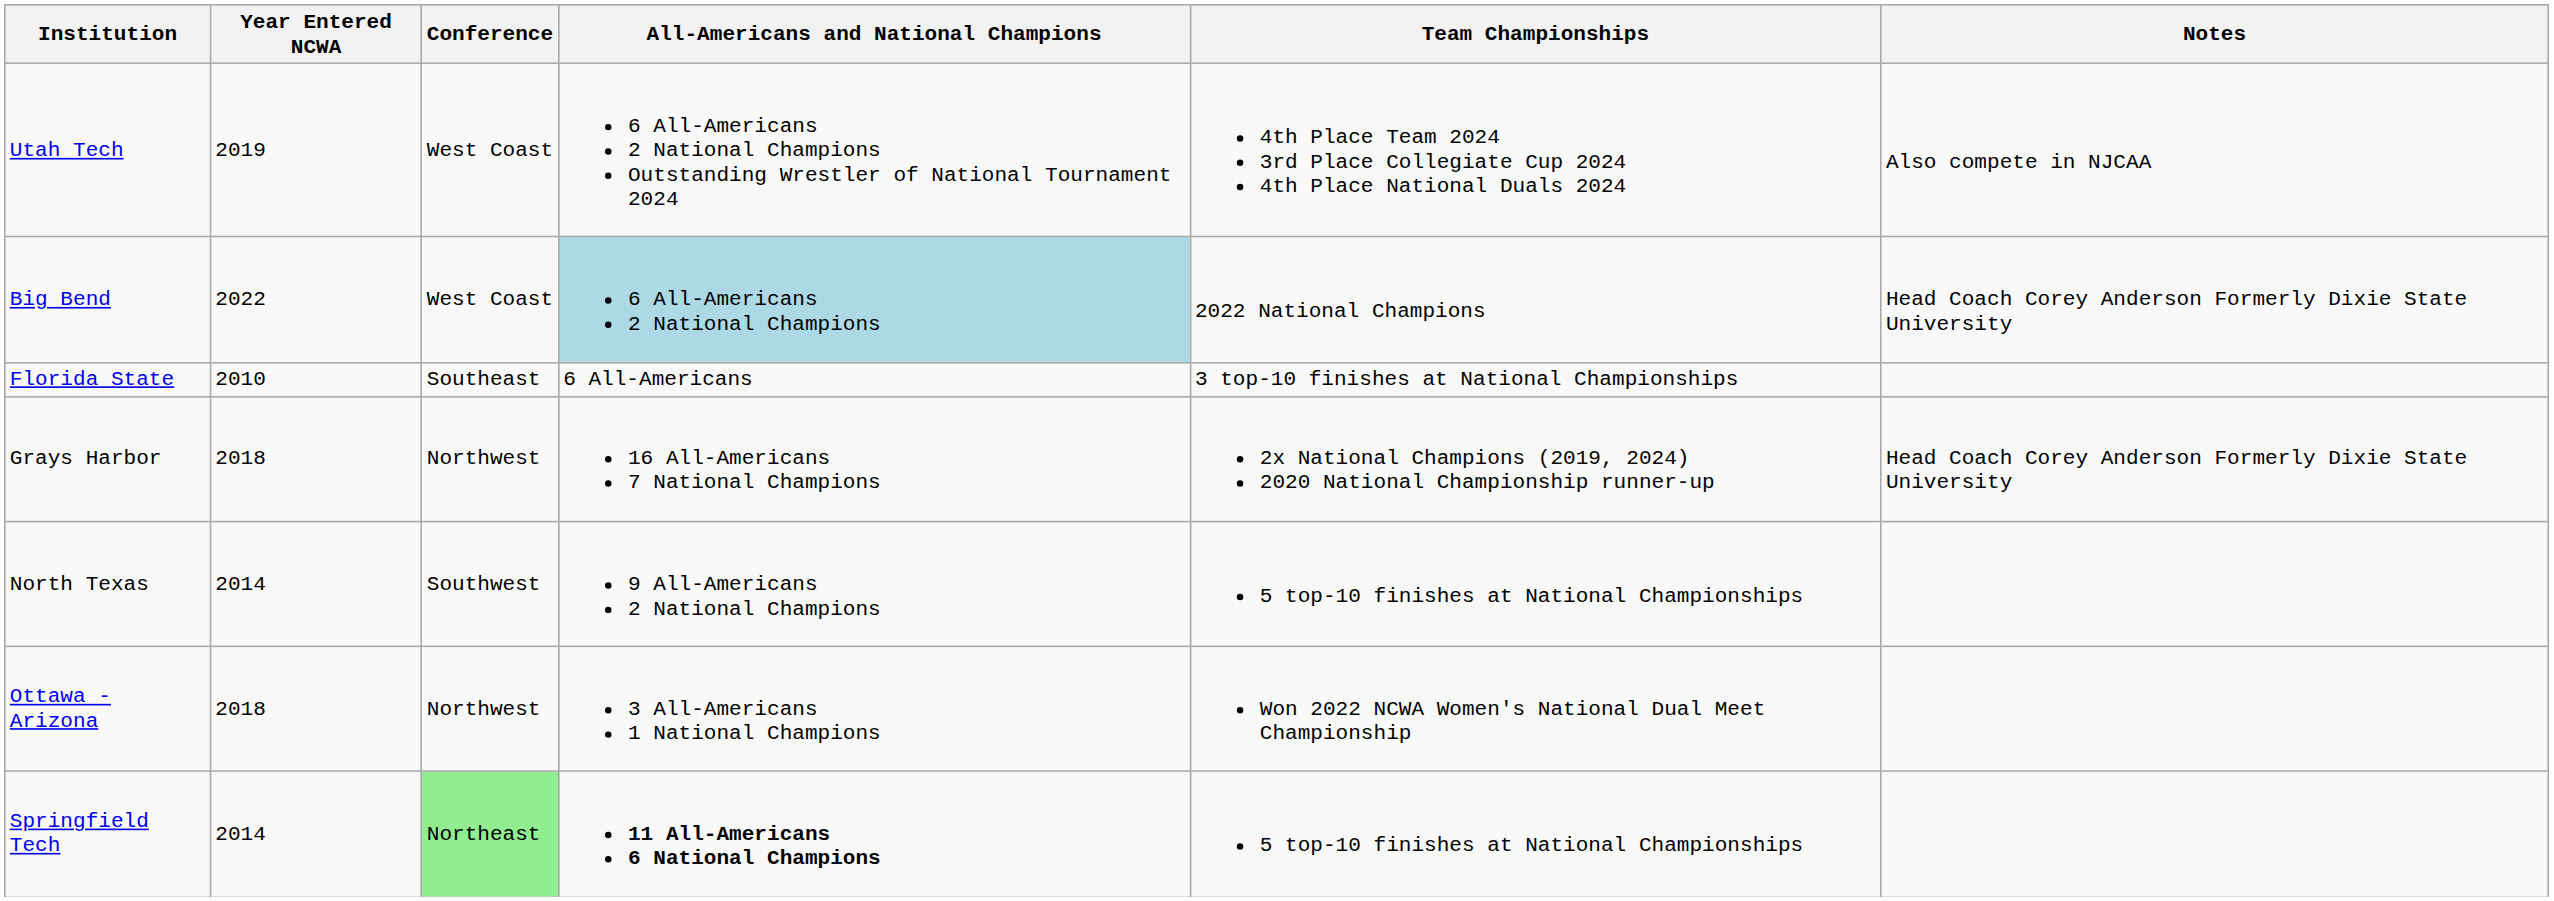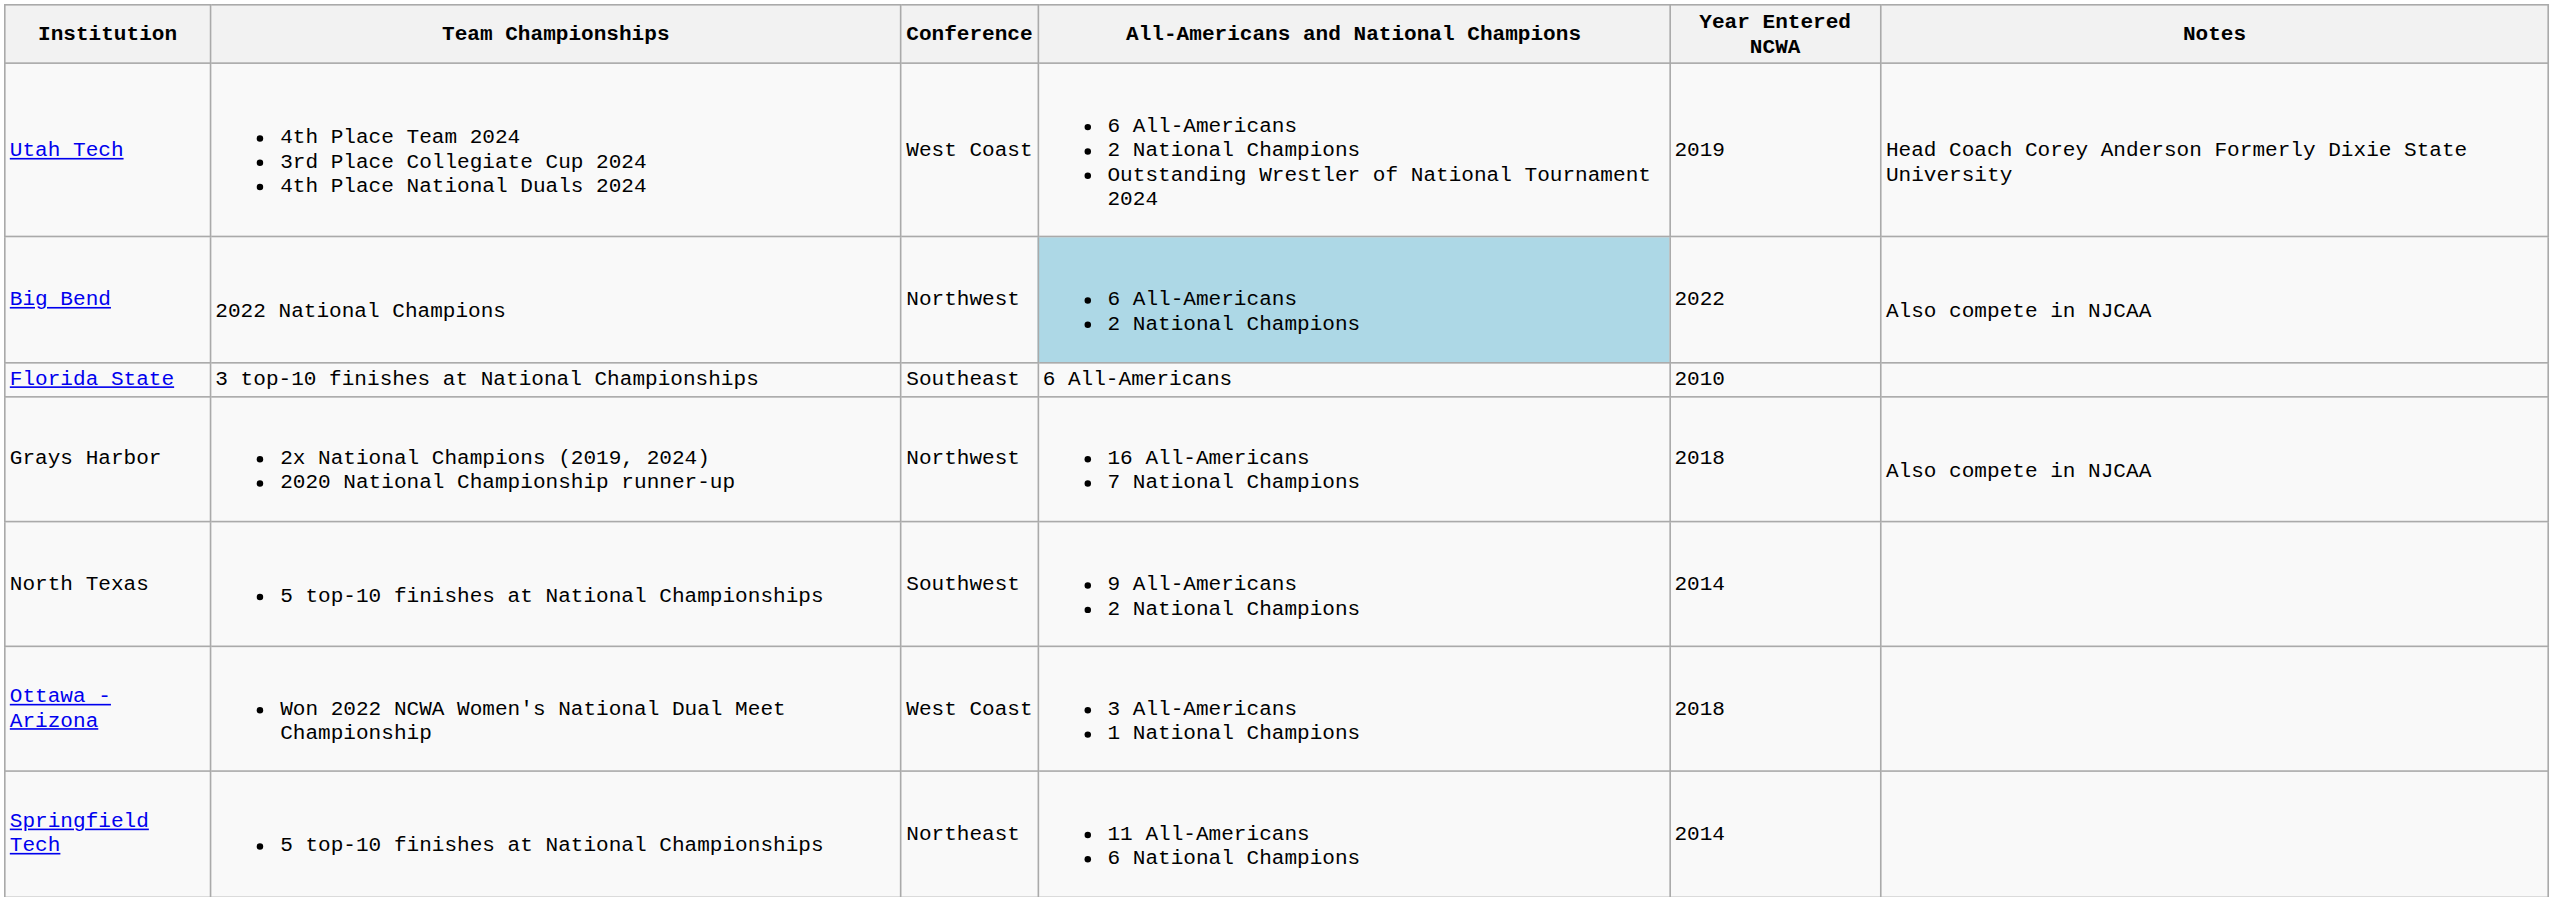 <table class="wikitable">
 <tr>
 <th>Institution</th>
-<th>Year Entered NCWA</th>
+<th>Team Championships</th>
 <th>Conference</th>
 <th>All-Americans and National Champions</th>
-<th>Team Championships</th>
+<th>Year Entered NCWA</th>
 <th>Notes</th>
 </tr>
 <tr>
 <td><a href='#'>Utah Tech</a></td>
-<td>2019</td>
+<td><br><ul><li>4th Place Team 2024</li><li>3rd Place Collegiate Cup 2024</li><li>4th Place National Duals 2024</li></ul></td>
 <td>West Coast</td>
 <td><br><ul><li>6 All-Americans</li><li>2 National Champions</li><li>Outstanding Wrestler of National Tournament 2024</li></ul></td>
-<td><br><ul><li>4th Place Team 2024</li><li>3rd Place Collegiate Cup 2024</li><li>4th Place National Duals 2024</li></ul></td>
+<td>2019</td>
+<td><br>Head Coach Corey Anderson  Formerly Dixie State University</td>
+</tr>
+<tr>
+<td><a href='#'>Big Bend</a></td>
+<td><br>2022 National Champions</td>
+<td>Northwest</td>
+<td style="background: lightblue;"><br><ul><li>6 All-Americans</li><li>2 National Champions</li></ul></td>
+<td>2022</td>
 <td><br>Also compete in NJCAA</td>
 </tr>
 <tr>
-<td><a href='#'>Big Bend</a></td>
-<td>2022</td>
-<td>West Coast</td>
-<td style="background: lightblue;"><br><ul><li>6 All-Americans</li><li>2 National Champions</li></ul></td>
-<td><br>2022 National Champions</td>
-<td><br>Head Coach Corey Anderson  Formerly Dixie State University</td>
-</tr>
-<tr>
 <td><a href='#'>Florida State</a></td>
-<td>2010</td>
+<td>3 top-10 finishes at National Championships</td>
 <td>Southeast</td>
 <td>6 All-Americans</td>
-<td>3 top-10 finishes at National Championships</td>
+<td>2010</td>
 <td></td>
 </tr>
 <tr>
 <td>Grays Harbor</td>
-<td>2018</td>
+<td><br><ul><li>2x National Champions (2019, 2024)</li><li>2020 National Championship runner-up</li></ul></td>
 <td>Northwest</td>
 <td><br><ul><li>16 All-Americans</li><li>7 National Champions</li></ul></td>
-<td><br><ul><li>2x National Champions (2019, 2024)</li><li>2020 National Championship runner-up</li></ul></td>
-<td><br>Head Coach Corey Anderson  Formerly Dixie State University</td>
+<td>2018</td>
+<td><br>Also compete in NJCAA</td>
 </tr>
 <tr>
 <td>North Texas</td>
-<td>2014</td>
+<td><br><ul><li>5 top-10 finishes at National Championships</li></ul></td>
 <td>Southwest</td>
 <td><br><ul><li>9 All-Americans</li><li>2 National Champions</li></ul></td>
-<td><br><ul><li>5 top-10 finishes at National Championships</li></ul></td>
+<td>2014</td>
 <td></td>
 </tr>
 <tr>
 <td><a href='#'>Ottawa - Arizona</a></td>
+<td><br><ul><li>Won 2022 NCWA Women's National Dual Meet Championship</li></ul></td>
+<td>West Coast</td>
+<td><br><ul><li>3 All-Americans</li><li>1 National Champions</li></ul></td>
 <td>2018</td>
-<td>Northwest</td>
-<td><br><ul><li>3 All-Americans</li><li>1 National Champions</li></ul></td>
-<td><br><ul><li>Won 2022 NCWA Women's National Dual Meet Championship</li></ul></td>
 <td></td>
 </tr>
 <tr>
 <td><a href='#'>Springfield Tech</a></td>
+<td><br><ul><li>5 top-10 finishes at National Championships</li></ul></td>
+<td>Northeast</td>
+<td><br><ul><li>11 All-Americans</li><li>6 National Champions</li></ul></td>
 <td>2014</td>
-<td style="background: lightgreen;">Northeast</td>
-<td><strong><br><ul><li>11 All-Americans</li><li>6 National Champions</li></ul></strong></td>
-<td><br><ul><li>5 top-10 finishes at National Championships</li></ul></td>
 <td></td>
 </tr>
 </table>
